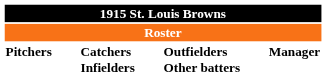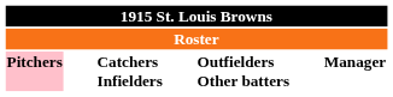 <table class="toccolours" style="font-size: 95%;">
 <tr>
 <th colspan="10" style="background-color: black; color: white; text-align: center;">1915 St. Louis Browns</th>
 </tr>
 <tr>
 <td colspan="10" style="background-color: #F87217; color: white; text-align: center;"><strong>Roster</strong></td>
 </tr>
 <tr>
-<td valign="top"><strong>Pitchers</strong><br>                    </td>
+<td valign="top" style="background: pink;"><strong>Pitchers</strong><br>                    </td>
 <td width="25px"></td>
 <td valign="top"><strong>Catchers</strong><br>     <strong>Infielders</strong>           </td>
 <td width="25px"></td>
 <td valign="top"><strong>Outfielders</strong><br>        <strong>Other batters</strong> </td>
 <td width="25px"></td>
 <td valign="top"><strong>Manager</strong><br></td>
 </tr>
 <tr>
 </tr>
 </table>
